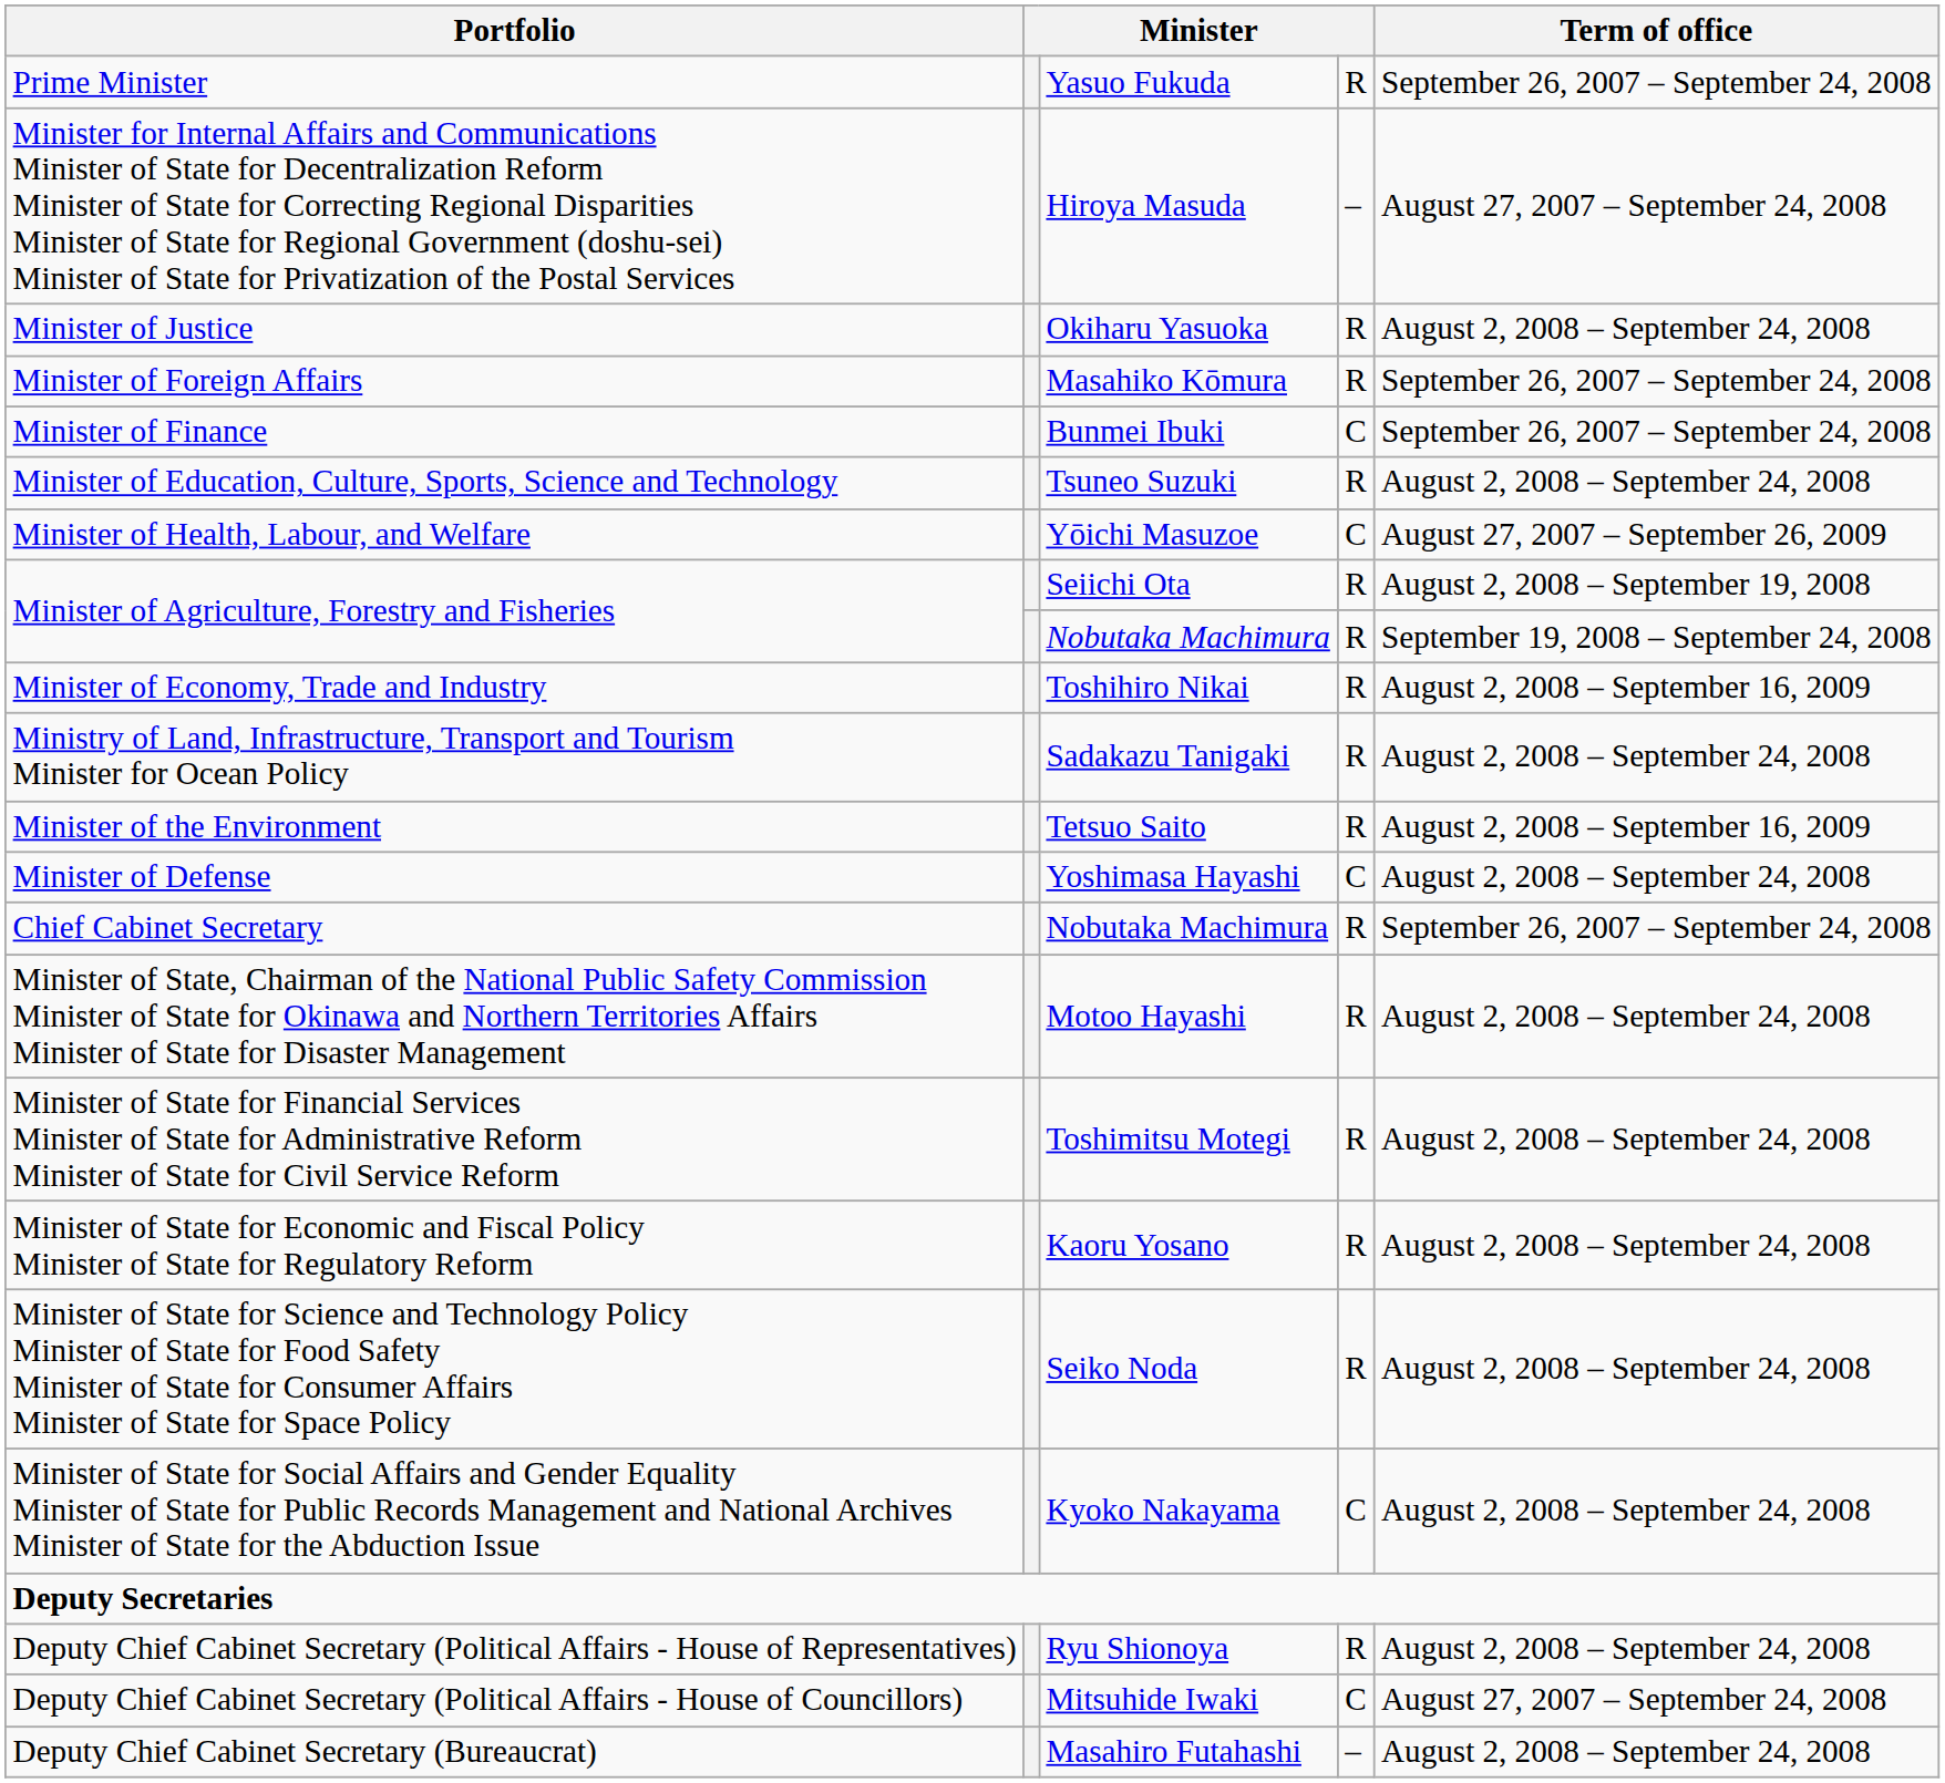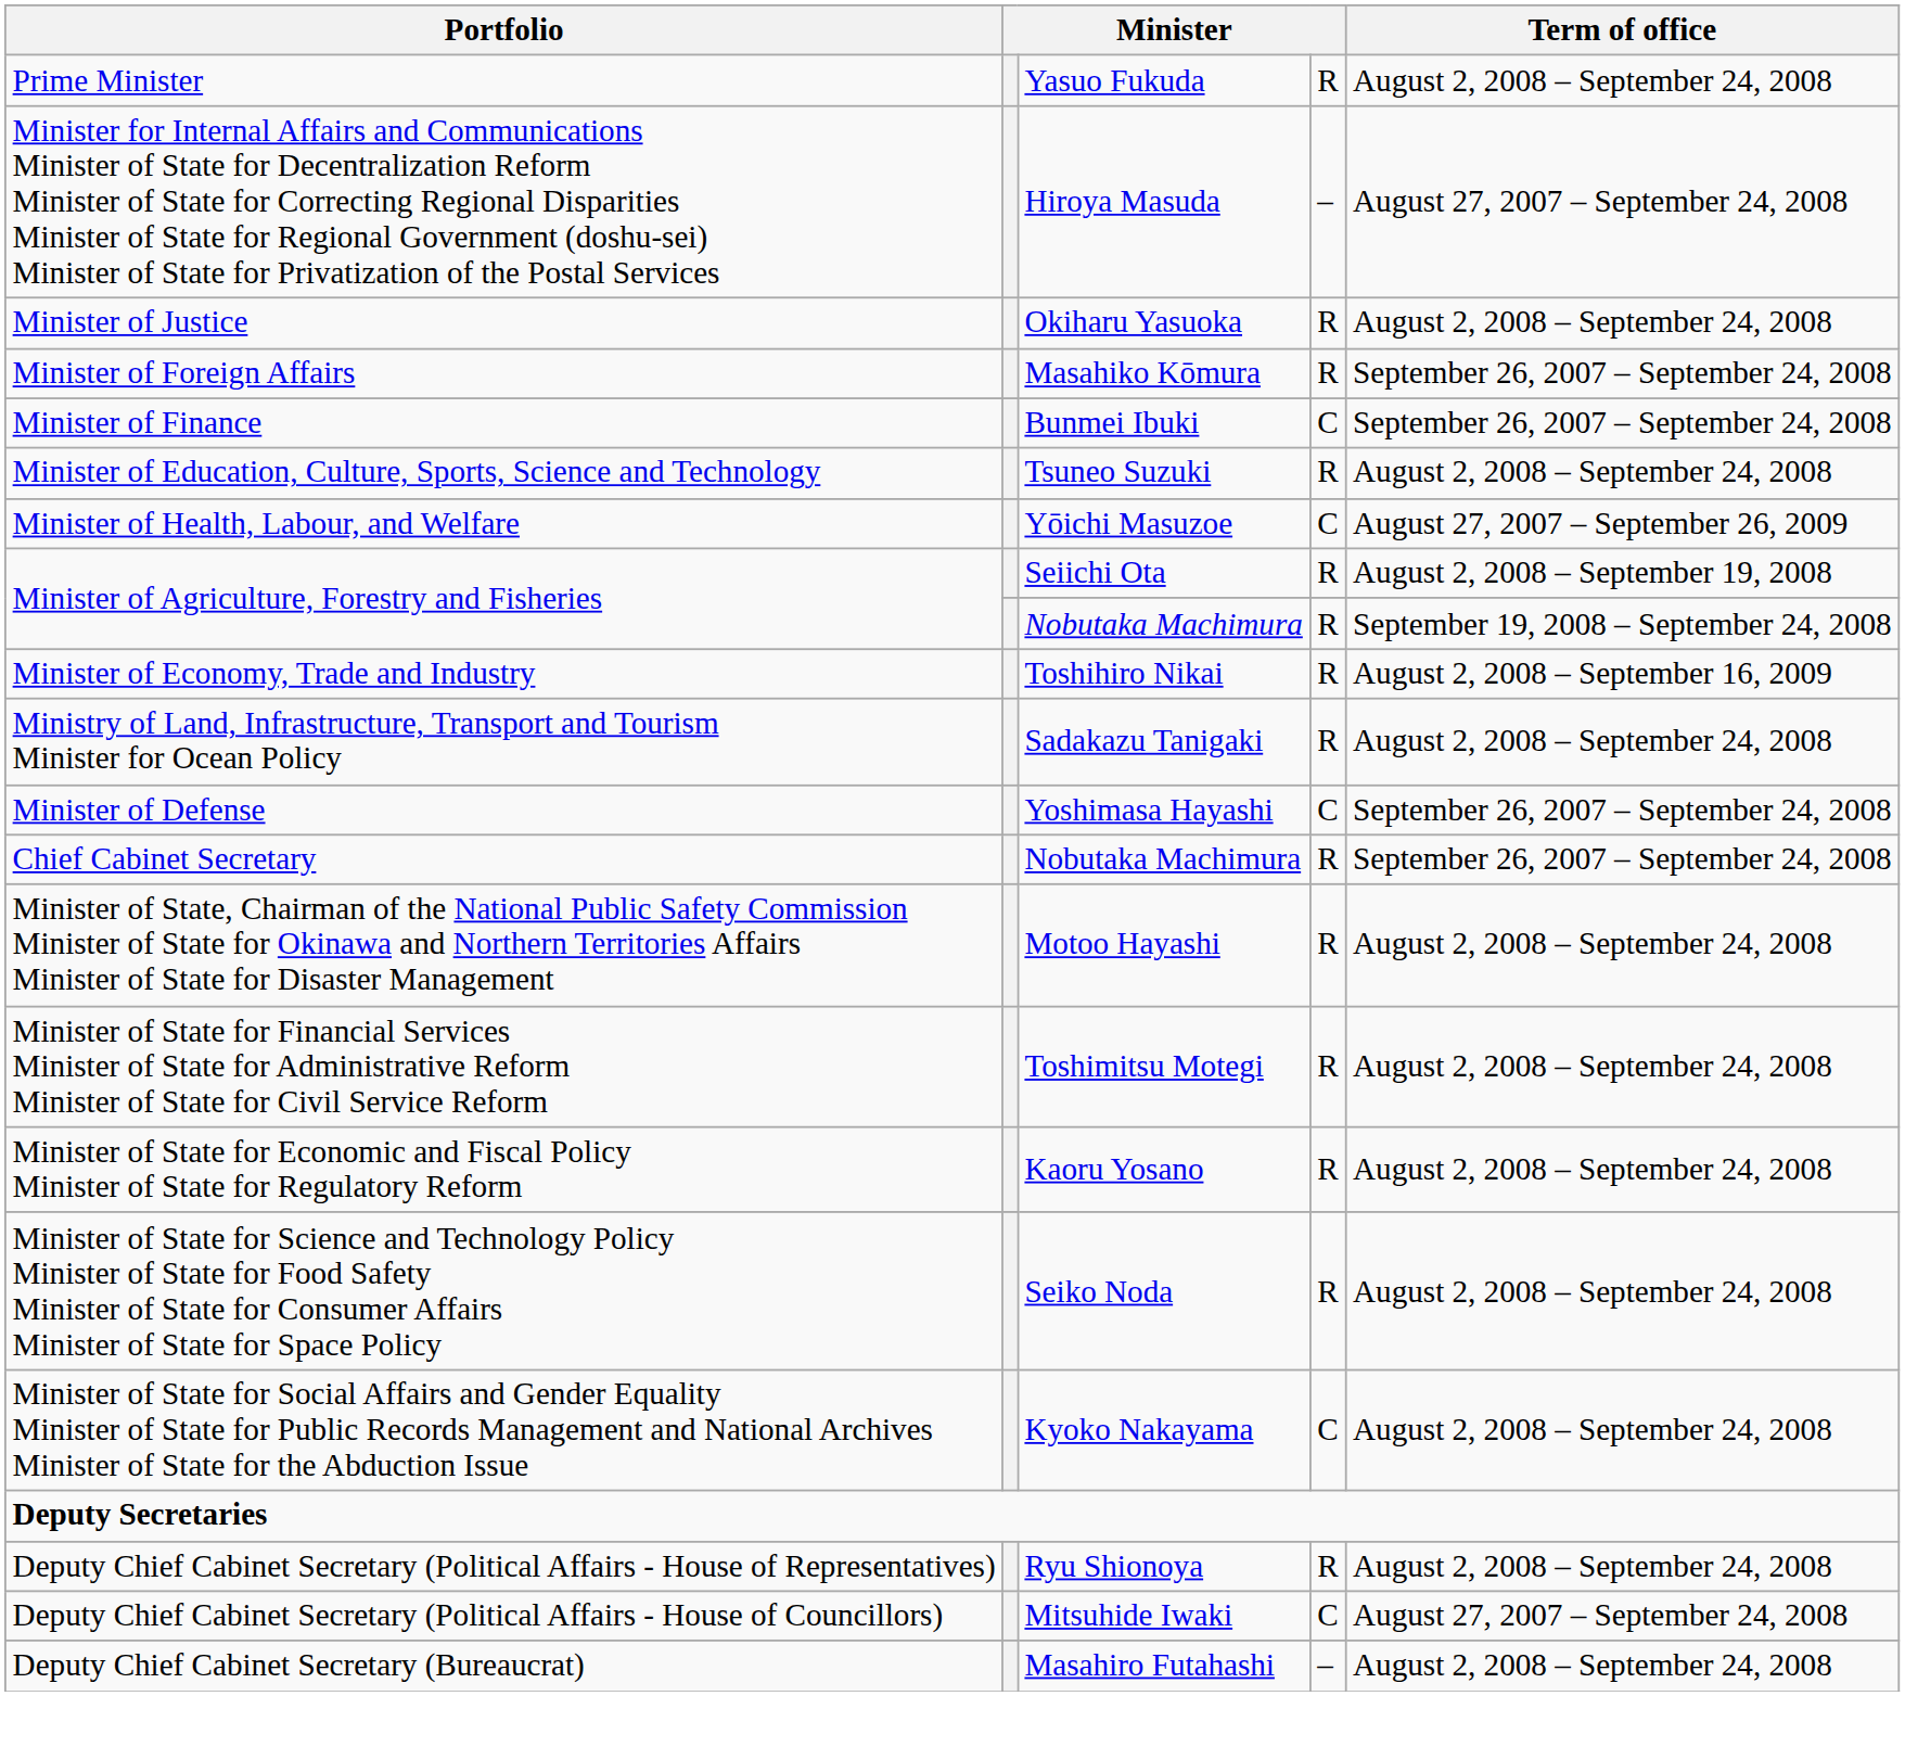 <table class="wikitable">
 <tr>
 <th>Portfolio</th>
 <th colspan=3>Minister</th>
 <th>Term of office</th>
 </tr>
 <tr>
 <td><a href='#'>Prime Minister</a></td>
 <th style="color:inherit;background-color: "></th>
 <td><a href='#'>Yasuo Fukuda</a></td>
 <td>R</td>
-<td>September 26, 2007 – September 24, 2008</td>
+<td>August 2, 2008 – September 24, 2008</td>
 </tr>
 <tr>
 <td><a href='#'>Minister for Internal Affairs and Communications</a> <br>Minister of State for Decentralization Reform  <br>Minister of State for Correcting Regional Disparities <br>Minister of State for Regional Government (doshu-sei) <br>Minister of State for Privatization of the Postal Services</td>
 <th style="color:inherit;background-color: "></th>
 <td><a href='#'>Hiroya Masuda</a></td>
 <td>–</td>
 <td>August 27, 2007 – September 24, 2008</td>
 </tr>
 <tr>
 <td><a href='#'>Minister of Justice</a></td>
 <th style="color:inherit;background-color: "></th>
 <td><a href='#'>Okiharu Yasuoka</a></td>
 <td>R</td>
 <td>August 2, 2008 – September 24, 2008</td>
 </tr>
 <tr>
 <td><a href='#'>Minister of Foreign Affairs</a></td>
 <th style="color:inherit;background-color: "></th>
 <td><a href='#'>Masahiko Kōmura</a></td>
 <td>R</td>
 <td>September 26, 2007 – September 24, 2008</td>
 </tr>
 <tr>
 <td><a href='#'>Minister of Finance</a></td>
 <th style="color:inherit;background-color: "></th>
 <td><a href='#'>Bunmei Ibuki</a></td>
 <td>C</td>
 <td>September 26, 2007 – September 24, 2008</td>
 </tr>
 <tr>
 <td><a href='#'>Minister of Education, Culture, Sports, Science and Technology</a></td>
 <th style="color:inherit;background-color: "></th>
 <td><a href='#'>Tsuneo Suzuki</a></td>
 <td>R</td>
 <td>August 2, 2008 – September 24, 2008</td>
 </tr>
 <tr>
 <td><a href='#'>Minister of Health, Labour, and Welfare</a></td>
 <th style="color:inherit;background-color: "></th>
 <td><a href='#'>Yōichi Masuzoe</a></td>
 <td>C</td>
 <td>August 27, 2007 – September 26, 2009</td>
 </tr>
 <tr>
 <td rowspan=2><a href='#'>Minister of Agriculture, Forestry and Fisheries</a></td>
 <th style="color:inherit;background-color: "></th>
 <td><a href='#'>Seiichi Ota</a></td>
 <td>R</td>
 <td>August 2, 2008 – September 19, 2008</td>
 </tr>
 <tr>
 <th style="color:inherit;background-color: "></th>
 <td><em><a href='#'>Nobutaka Machimura</a></em></td>
 <td>R</td>
 <td>September 19, 2008 – September 24, 2008</td>
 </tr>
 <tr>
 <td><a href='#'>Minister of Economy, Trade and Industry</a></td>
 <th style="color:inherit;background-color: "></th>
 <td><a href='#'>Toshihiro Nikai</a></td>
 <td>R</td>
 <td>August 2, 2008 – September 16, 2009</td>
 </tr>
 <tr>
 <td><a href='#'>Ministry of Land, Infrastructure, Transport and Tourism</a> <br>Minister for Ocean Policy</td>
 <th style="color:inherit;background-color: "></th>
 <td><a href='#'>Sadakazu Tanigaki</a></td>
 <td>R</td>
 <td>August 2, 2008 – September 24, 2008</td>
 </tr>
 <tr>
-<td><a href='#'>Minister of the Environment</a></td>
-<th style="color:inherit;background-color: "></th>
-<td><a href='#'>Tetsuo Saito</a></td>
-<td>R</td>
-<td>August 2, 2008 – September 16, 2009</td>
-</tr>
-<tr>
 <td><a href='#'>Minister of Defense</a></td>
 <th style="color:inherit;background-color: "></th>
 <td><a href='#'>Yoshimasa Hayashi</a></td>
 <td>C</td>
-<td>August 2, 2008 – September 24, 2008</td>
+<td>September 26, 2007 – September 24, 2008</td>
 </tr>
 <tr>
 <td><a href='#'>Chief Cabinet Secretary</a></td>
 <th style="color:inherit;background-color: "></th>
 <td><a href='#'>Nobutaka Machimura</a></td>
 <td>R</td>
 <td>September 26, 2007 – September 24, 2008</td>
 </tr>
 <tr>
 <td>Minister of State, Chairman of the <a href='#'>National Public Safety Commission</a> <br>Minister of State for <a href='#'>Okinawa</a> and <a href='#'>Northern Territories</a> Affairs <br>Minister of State for Disaster Management</td>
 <th style="color:inherit;background-color: "></th>
 <td><a href='#'>Motoo Hayashi</a></td>
 <td>R</td>
 <td>August 2, 2008 – September 24, 2008</td>
 </tr>
 <tr>
 <td>Minister of State for Financial Services <br>Minister of State for Administrative Reform <br>Minister of State for Civil Service Reform</td>
 <th style="color:inherit;background-color: "></th>
 <td><a href='#'>Toshimitsu Motegi</a></td>
 <td>R</td>
 <td>August 2, 2008 – September 24, 2008</td>
 </tr>
 <tr>
 <td>Minister of State for Economic and Fiscal Policy <br>Minister of State for Regulatory Reform</td>
 <th style="color:inherit;background-color: "></th>
 <td><a href='#'>Kaoru Yosano</a></td>
 <td>R</td>
 <td>August 2, 2008 – September 24, 2008</td>
 </tr>
 <tr>
 <td>Minister of State for Science and Technology Policy <br>Minister of State for Food Safety <br>Minister of State for Consumer Affairs <br>Minister of State for Space Policy</td>
 <th style="color:inherit;background-color: "></th>
 <td><a href='#'>Seiko Noda</a></td>
 <td>R</td>
 <td>August 2, 2008 – September 24, 2008</td>
 </tr>
 <tr>
 <td>Minister of State for Social Affairs and Gender Equality <br>Minister of State for Public Records Management and National Archives <br>Minister of State for the Abduction Issue</td>
 <th style="color:inherit;background-color: "></th>
 <td><a href='#'>Kyoko Nakayama</a></td>
 <td>C</td>
 <td>August 2, 2008 – September 24, 2008</td>
 </tr>
 <tr>
 <td colspan=5><strong>Deputy Secretaries</strong></td>
 </tr>
 <tr>
 <td>Deputy Chief Cabinet Secretary (Political Affairs - House of Representatives)</td>
 <th style="color:inherit;background-color: "></th>
 <td><a href='#'>Ryu Shionoya</a></td>
 <td>R</td>
 <td>August 2, 2008 – September 24, 2008</td>
 </tr>
 <tr>
 <td>Deputy Chief Cabinet Secretary (Political Affairs - House of Councillors)</td>
 <th style="color:inherit;background-color: "></th>
 <td><a href='#'>Mitsuhide Iwaki</a></td>
 <td>C</td>
 <td>August 27, 2007 – September 24, 2008</td>
 </tr>
 <tr>
 <td>Deputy Chief Cabinet Secretary (Bureaucrat)</td>
 <th style="color:inherit;background-color: "></th>
 <td><a href='#'>Masahiro Futahashi</a></td>
 <td>–</td>
 <td>August 2, 2008 – September 24, 2008</td>
 </tr>
 </table>
